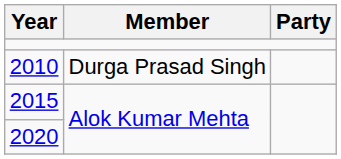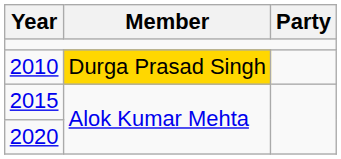 <table class="wikitable sortable">
 <tr>
 <th>Year</th>
 <th>Member</th>
 <th colspan="2">Party</th>
 </tr>
 <tr>
 <td colspan="4"></td>
 </tr>
 <tr>
 <td><a href='#'>2010</a></td>
-<td>Durga Prasad Singh</td>
+<td style="background: gold;">Durga Prasad Singh</td>
 <td></td>
 </tr>
 <tr>
 <td><a href='#'>2015</a></td>
 <td rowspan="2"><a href='#'>Alok Kumar Mehta</a></td>
 </tr>
 <tr>
 <td><a href='#'>2020</a></td>
 </tr>
 </table>
